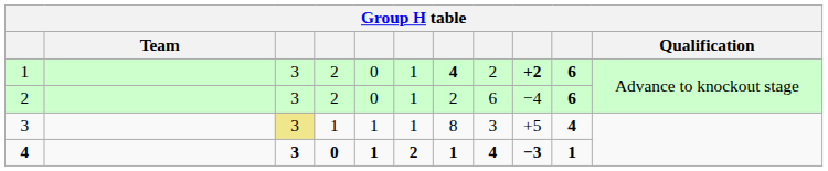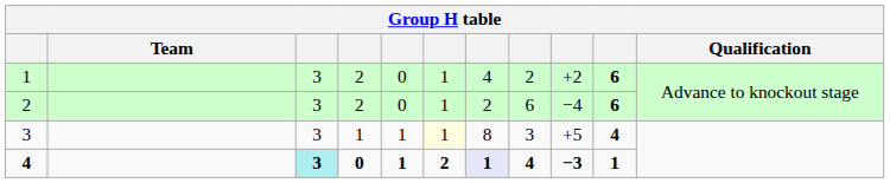 <table class="wikitable" style="text-align:center">
 <tr>
 <th colspan="11"><a href='#'>Group H</a> table</th>
 </tr>
 <tr>
 <th width="30"></th>
 <th width="210">Team</th>
 <th width="30"></th>
 <th width="30"></th>
 <th width="30"></th>
 <th width="30"></th>
 <th width="30"></th>
 <th width="30"></th>
 <th width="30"></th>
 <th width="30"></th>
 <th width="210">Qualification</th>
 </tr>
 <tr bgcolor="#ccffcc">
 <td>1</td>
 <td align="left"></td>
 <td>3</td>
 <td>2</td>
 <td>0</td>
 <td>1</td>
-<td><strong>4</strong></td>
+<td>4</td>
 <td>2</td>
-<td><strong>+2</strong></td>
+<td>+2</td>
 <td><strong>6</strong></td>
 <td rowspan="2">Advance to knockout stage</td>
 </tr>
 <tr bgcolor="#ccffcc">
 <td>2</td>
 <td align="left"></td>
 <td>3</td>
 <td>2</td>
 <td>0</td>
 <td>1</td>
 <td>2</td>
 <td>6</td>
 <td>−4</td>
 <td><strong>6</strong></td>
 </tr>
 <tr>
 <td>3</td>
 <td align="left"></td>
-<td style="background: khaki;">3</td>
+<td>3</td>
 <td>1</td>
 <td>1</td>
-<td>1</td>
+<td style="background: lightyellow;">1</td>
 <td>8</td>
 <td>3</td>
 <td>+5</td>
 <td><strong>4</strong></td>
 <td rowspan="2"></td>
 </tr>
 <tr>
 <td><strong>4</strong></td>
 <td align="left"><strong></strong></td>
-<td><strong>3</strong></td>
+<td style="background: paleturquoise;"><strong>3</strong></td>
 <td><strong>0</strong></td>
 <td><strong>1</strong></td>
 <td><strong>2</strong></td>
-<td><strong>1</strong></td>
+<td style="background: lavender;"><strong>1</strong></td>
 <td><strong>4</strong></td>
 <td><strong>−3</strong></td>
 <td><strong>1</strong></td>
 </tr>
 </table>
